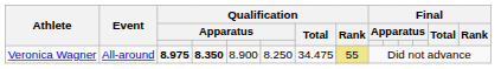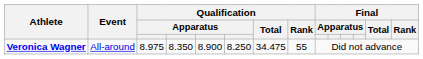 <table class="wikitable" style="font-size:90%">
 <tr>
 <th rowspan=3>Athlete</th>
 <th rowspan=3>Event</th>
 <th colspan=6>Qualification</th>
 <th colspan=6>Final</th>
 </tr>
 <tr style="font-size:95%">
 <th colspan=4>Apparatus</th>
 <th rowspan=2>Total</th>
 <th rowspan=2>Rank</th>
 <th colspan=4>Apparatus</th>
 <th rowspan=2>Total</th>
 <th rowspan=2>Rank</th>
 </tr>
 <tr style="font-size:95%">
 <th></th>
 <th></th>
 <th></th>
 <th></th>
 <th></th>
 <th></th>
 <th></th>
 <th></th>
 </tr>
 <tr align=center>
-<td align=left><a href='#'>Veronica Wagner</a></td>
+<td align=left><strong><a href='#'>Veronica Wagner</a></strong></td>
 <td align=left><a href='#'>All-around</a></td>
-<td><strong>8.975</strong></td>
-<td><strong>8.350</strong></td>
+<td>8.975</td>
+<td>8.350</td>
 <td>8.900</td>
 <td>8.250</td>
 <td>34.475</td>
-<td style="background: khaki;">55</td>
+<td>55</td>
 <td colspan=6>Did not advance</td>
 </tr>
 </table>
